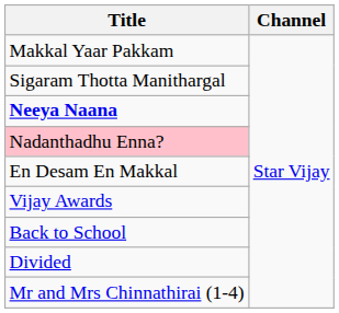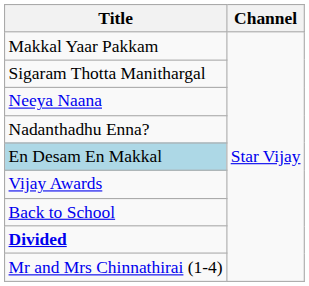 <table class="wikitable sortable">
 <tr>
 <th>Title</th>
 <th>Channel</th>
 </tr>
 <tr>
 <td>Makkal Yaar Pakkam</td>
 <td rowspan="9"><a href='#'>Star Vijay</a></td>
 </tr>
 <tr>
 <td>Sigaram Thotta Manithargal</td>
 </tr>
 <tr>
-<td><strong><a href='#'>Neeya Naana</a></strong></td>
+<td><a href='#'>Neeya Naana</a></td>
 </tr>
 <tr>
-<td style="background: pink;">Nadanthadhu Enna?</td>
+<td>Nadanthadhu Enna?</td>
 </tr>
 <tr>
-<td>En Desam En Makkal</td>
+<td style="background: lightblue;">En Desam En Makkal</td>
 </tr>
 <tr>
 <td><a href='#'>Vijay Awards</a></td>
 </tr>
 <tr>
 <td><a href='#'>Back to School</a></td>
 </tr>
 <tr>
-<td><a href='#'>Divided</a></td>
+<td><strong><a href='#'>Divided</a></strong></td>
 </tr>
 <tr>
 <td><a href='#'>Mr and Mrs Chinnathirai</a> (1-4)</td>
 </tr>
 </table>
